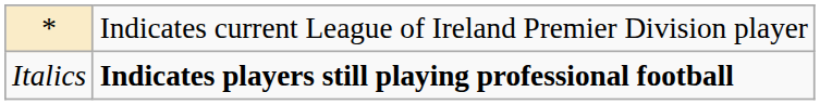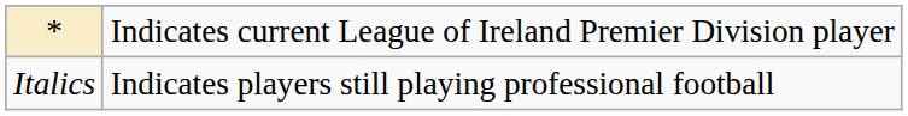 <table class="wikitable">
 <tr>
 <td align=center style="background-color:#faecc8">*</td>
 <td>Indicates current League of Ireland Premier Division player</td>
 </tr>
 <tr>
 <td><em>Italics</em></td>
-<td><strong>Indicates players still playing professional football</strong></td>
+<td>Indicates players still playing professional football</td>
 </tr>
 </table>
